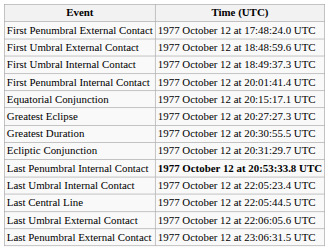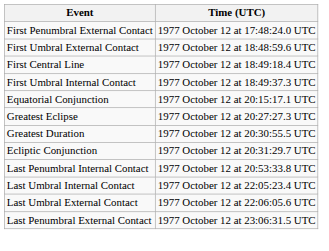 <table class="wikitable">
 <tr>
 <th>Event</th>
 <th>Time (UTC)</th>
 </tr>
 <tr>
 <td>First Penumbral External Contact</td>
 <td>1977 October 12 at 17:48:24.0 UTC</td>
 </tr>
 <tr>
 <td>First Umbral External Contact</td>
 <td>1977 October 12 at 18:48:59.6 UTC</td>
 </tr>
 <tr>
+<td>First Central Line</td>
+<td>1977 October 12 at 18:49:18.4 UTC</td>
+</tr>
+<tr>
 <td>First Umbral Internal Contact</td>
 <td>1977 October 12 at 18:49:37.3 UTC</td>
-</tr>
-<tr>
-<td>First Penumbral Internal Contact</td>
-<td>1977 October 12 at 20:01:41.4 UTC</td>
 </tr>
 <tr>
 <td>Equatorial Conjunction</td>
 <td>1977 October 12 at 20:15:17.1 UTC</td>
 </tr>
 <tr>
 <td>Greatest Eclipse</td>
 <td>1977 October 12 at 20:27:27.3 UTC</td>
 </tr>
 <tr>
 <td>Greatest Duration</td>
 <td>1977 October 12 at 20:30:55.5 UTC</td>
 </tr>
 <tr>
 <td>Ecliptic Conjunction</td>
 <td>1977 October 12 at 20:31:29.7 UTC</td>
 </tr>
 <tr>
 <td>Last Penumbral Internal Contact</td>
-<td><strong>1977 October 12 at 20:53:33.8 UTC</strong></td>
+<td>1977 October 12 at 20:53:33.8 UTC</td>
 </tr>
 <tr>
 <td>Last Umbral Internal Contact</td>
 <td>1977 October 12 at 22:05:23.4 UTC</td>
-</tr>
-<tr>
-<td>Last Central Line</td>
-<td>1977 October 12 at 22:05:44.5 UTC</td>
 </tr>
 <tr>
 <td>Last Umbral External Contact</td>
 <td>1977 October 12 at 22:06:05.6 UTC</td>
 </tr>
 <tr>
 <td>Last Penumbral External Contact</td>
 <td>1977 October 12 at 23:06:31.5 UTC</td>
 </tr>
 </table>
